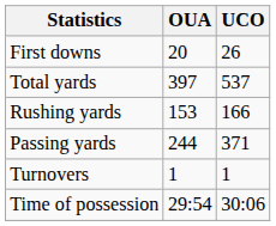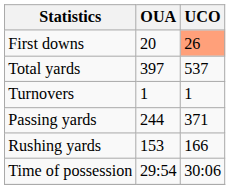 <table class="wikitable" style="float: left;">
 <tr>
 <th>Statistics</th>
 <th>OUA</th>
 <th>UCO</th>
 </tr>
 <tr>
 <td>First downs</td>
 <td>20</td>
-<td>26</td>
+<td style="background: lightsalmon;">26</td>
 </tr>
 <tr>
 <td>Total yards</td>
 <td>397</td>
 <td>537</td>
 </tr>
 <tr>
-<td>Rushing yards</td>
-<td>153</td>
-<td>166</td>
+<td>Turnovers</td>
+<td>1</td>
+<td>1</td>
 </tr>
 <tr>
 <td>Passing yards</td>
 <td>244</td>
 <td>371</td>
 </tr>
 <tr>
-<td>Turnovers</td>
-<td>1</td>
-<td>1</td>
+<td>Rushing yards</td>
+<td>153</td>
+<td>166</td>
 </tr>
 <tr>
 <td>Time of possession</td>
 <td>29:54</td>
 <td>30:06</td>
 </tr>
 <tr>
 </tr>
 </table>
